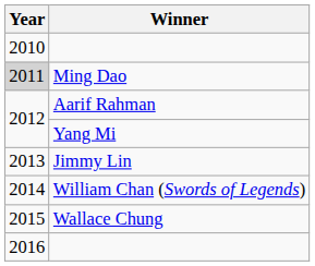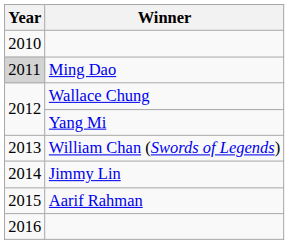 <table class="wikitable">
 <tr>
 <th>Year</th>
 <th>Winner</th>
 </tr>
 <tr>
 <td>2010</td>
 <td></td>
 </tr>
 <tr>
 <td style="background: lightgrey;">2011</td>
 <td><a href='#'>Ming Dao</a></td>
 </tr>
 <tr>
 <td rowspan=2>2012</td>
-<td><a href='#'>Aarif Rahman</a></td>
+<td><a href='#'>Wallace Chung</a></td>
 </tr>
 <tr>
 <td><a href='#'>Yang Mi</a></td>
 </tr>
 <tr>
 <td>2013</td>
+<td><a href='#'>William Chan</a> (<em><a href='#'>Swords of Legends</a></em>)</td>
+</tr>
+<tr>
+<td>2014</td>
 <td><a href='#'>Jimmy Lin</a></td>
 </tr>
 <tr>
-<td>2014</td>
-<td><a href='#'>William Chan</a> (<em><a href='#'>Swords of Legends</a></em>)</td>
-</tr>
-<tr>
 <td>2015</td>
-<td><a href='#'>Wallace Chung</a></td>
+<td><a href='#'>Aarif Rahman</a></td>
 </tr>
 <tr>
 <td>2016</td>
 <td></td>
 </tr>
 </table>
